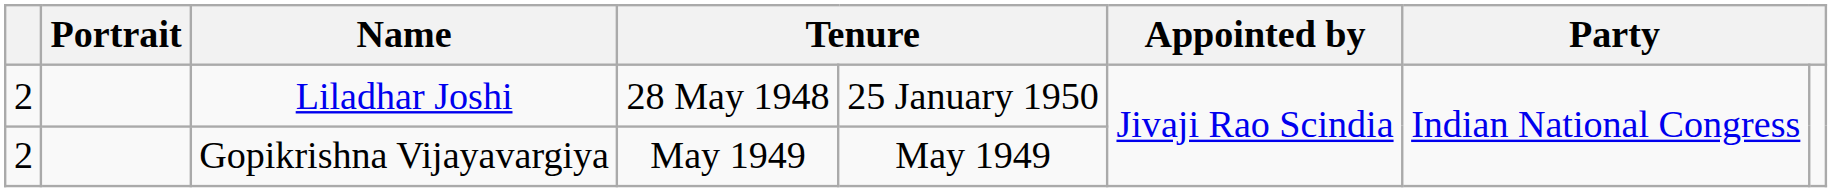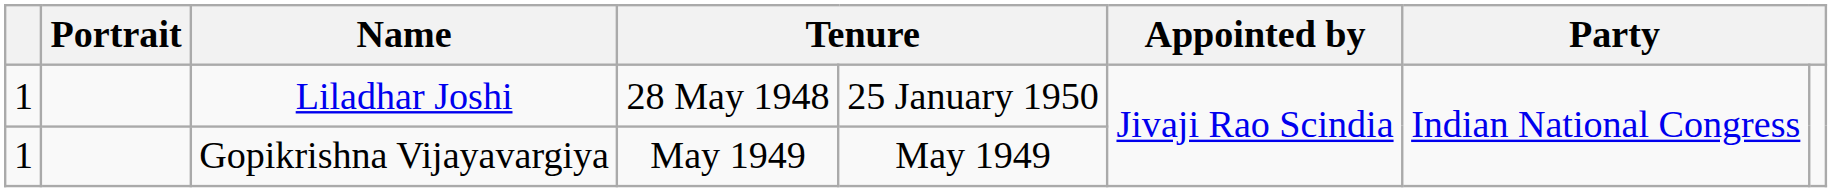 <table class="wikitable" style="text-align:center">
 <tr>
 <th scope="col"></th>
 <th scope="col">Portrait</th>
 <th scope="col">Name</th>
 <th colspan="2" scope="col">Tenure</th>
 <th>Appointed by</th>
 <th colspan="2" scope="col">Party</th>
 </tr>
 <tr>
-<td scope="row">2</td>
+<td scope="row">1</td>
 <td></td>
 <td><a href='#'>Liladhar Joshi</a></td>
 <td>28 May 1948</td>
 <td>25 January 1950</td>
 <td rowspan="2"><a href='#'>Jivaji Rao Scindia</a></td>
 <td rowspan="2"><a href='#'>Indian National Congress</a></td>
 <td rowspan="2" style="background-color: "></td>
 </tr>
 <tr>
-<td scope="row">2</td>
+<td scope="row">1</td>
 <td align=center></td>
 <td>Gopikrishna Vijayavargiya</td>
 <td>May 1949</td>
 <td>May 1949</td>
 </tr>
 </table>
